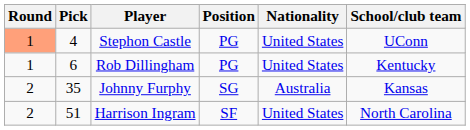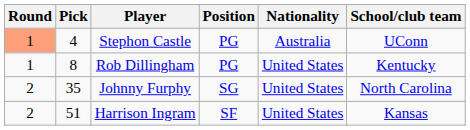 <table class="wikitable sortable sortable" style="text-align: center">
 <tr>
 <th>Round</th>
 <th>Pick</th>
 <th>Player</th>
 <th>Position</th>
 <th>Nationality</th>
 <th>School/club team</th>
 </tr>
 <tr style="text-align: center">
 <td style="background: lightsalmon;">1</td>
 <td>4</td>
 <td><a href='#'>Stephon Castle</a></td>
 <td><a href='#'>PG</a></td>
-<td> <a href='#'>United States</a></td>
+<td> <a href='#'>Australia</a></td>
 <td><a href='#'>UConn</a></td>
 </tr>
 <tr style="text-align: center">
 <td>1</td>
-<td>6</td>
+<td>8</td>
 <td><a href='#'>Rob Dillingham</a></td>
 <td><a href='#'>PG</a></td>
 <td> <a href='#'>United States</a></td>
 <td><a href='#'>Kentucky</a></td>
 </tr>
 <tr style="text-align: center">
 <td>2</td>
 <td>35</td>
 <td><a href='#'>Johnny Furphy</a></td>
 <td><a href='#'>SG</a></td>
-<td> <a href='#'>Australia</a></td>
-<td><a href='#'>Kansas</a></td>
+<td> <a href='#'>United States</a></td>
+<td><a href='#'>North Carolina</a></td>
 </tr>
 <tr style="text-align: center">
 <td>2</td>
 <td>51</td>
 <td><a href='#'>Harrison Ingram</a></td>
 <td><a href='#'>SF</a></td>
 <td> <a href='#'>United States</a></td>
-<td><a href='#'>North Carolina</a></td>
+<td><a href='#'>Kansas</a></td>
 </tr>
 </table>
